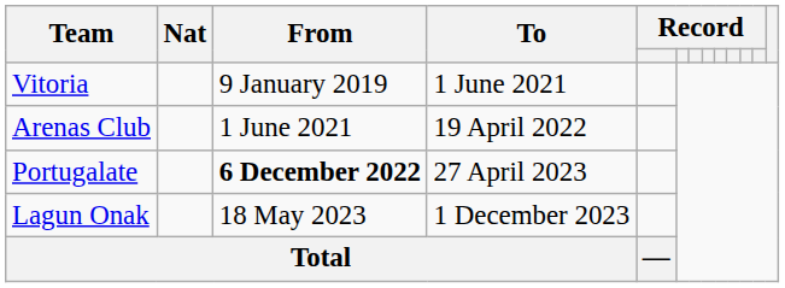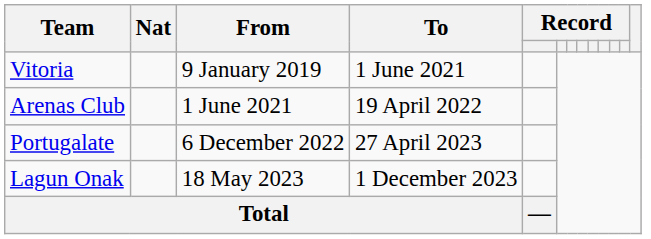 <table class="wikitable" style="text-align: center">
 <tr>
 <th rowspan="2">Team</th>
 <th rowspan="2">Nat</th>
 <th rowspan="2">From</th>
 <th rowspan="2">To</th>
 <th colspan="8">Record</th>
 <th rowspan=2></th>
 </tr>
 <tr>
 <th></th>
 <th></th>
 <th></th>
 <th></th>
 <th></th>
 <th></th>
 <th></th>
 <th></th>
 </tr>
 <tr>
 <td align=left><a href='#'>Vitoria</a></td>
 <td></td>
 <td align=left>9 January 2019</td>
 <td align=left>1 June 2021<br></td>
 <td></td>
 </tr>
 <tr>
 <td align=left><a href='#'>Arenas Club</a></td>
 <td></td>
 <td align=left>1 June 2021</td>
 <td align=left>19 April 2022<br></td>
 <td></td>
 </tr>
 <tr>
 <td align=left><a href='#'>Portugalate</a></td>
 <td></td>
-<td align=left><strong>6 December 2022</strong></td>
+<td align=left>6 December 2022</td>
 <td align=left>27 April 2023<br></td>
 <td></td>
 </tr>
 <tr>
 <td align=left><a href='#'>Lagun Onak</a></td>
 <td></td>
 <td align=left>18 May 2023</td>
 <td align=left>1 December 2023<br></td>
 <td></td>
 </tr>
 <tr>
 <th colspan="4">Total<br></th>
 <th>—</th>
 </tr>
 </table>
